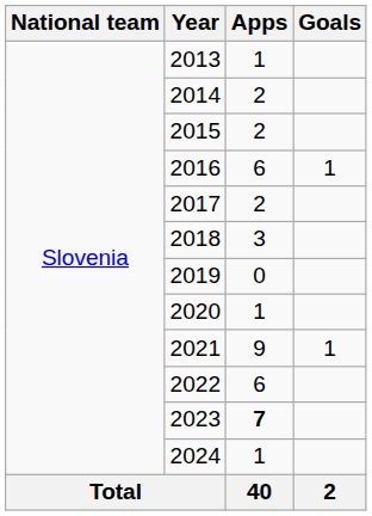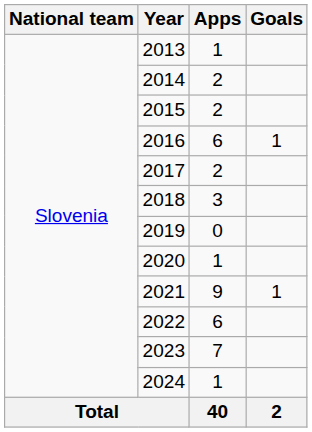 <table class="wikitable" style="text-align:center">
 <tr>
 <th>National team</th>
 <th>Year</th>
 <th>Apps</th>
 <th>Goals</th>
 </tr>
 <tr>
 <td rowspan="12"><a href='#'>Slovenia</a></td>
 <td>2013</td>
 <td>1</td>
 <td></td>
 </tr>
 <tr>
 <td>2014</td>
 <td>2</td>
 <td></td>
 </tr>
 <tr>
 <td>2015</td>
 <td>2</td>
 <td></td>
 </tr>
 <tr>
 <td>2016</td>
 <td>6</td>
 <td>1</td>
 </tr>
 <tr>
 <td>2017</td>
 <td>2</td>
 <td></td>
 </tr>
 <tr>
 <td>2018</td>
 <td>3</td>
 <td></td>
 </tr>
 <tr>
 <td>2019</td>
 <td>0</td>
 <td></td>
 </tr>
 <tr>
 <td>2020</td>
 <td>1</td>
 <td></td>
 </tr>
 <tr>
 <td>2021</td>
 <td>9</td>
 <td>1</td>
 </tr>
 <tr>
 <td>2022</td>
 <td>6</td>
 <td></td>
 </tr>
 <tr>
 <td>2023</td>
-<td><strong>7</strong></td>
+<td>7</td>
 <td></td>
 </tr>
 <tr>
 <td>2024</td>
 <td>1</td>
 <td></td>
 </tr>
 <tr>
 <th colspan="2">Total</th>
 <th>40</th>
 <th>2</th>
 </tr>
 </table>
